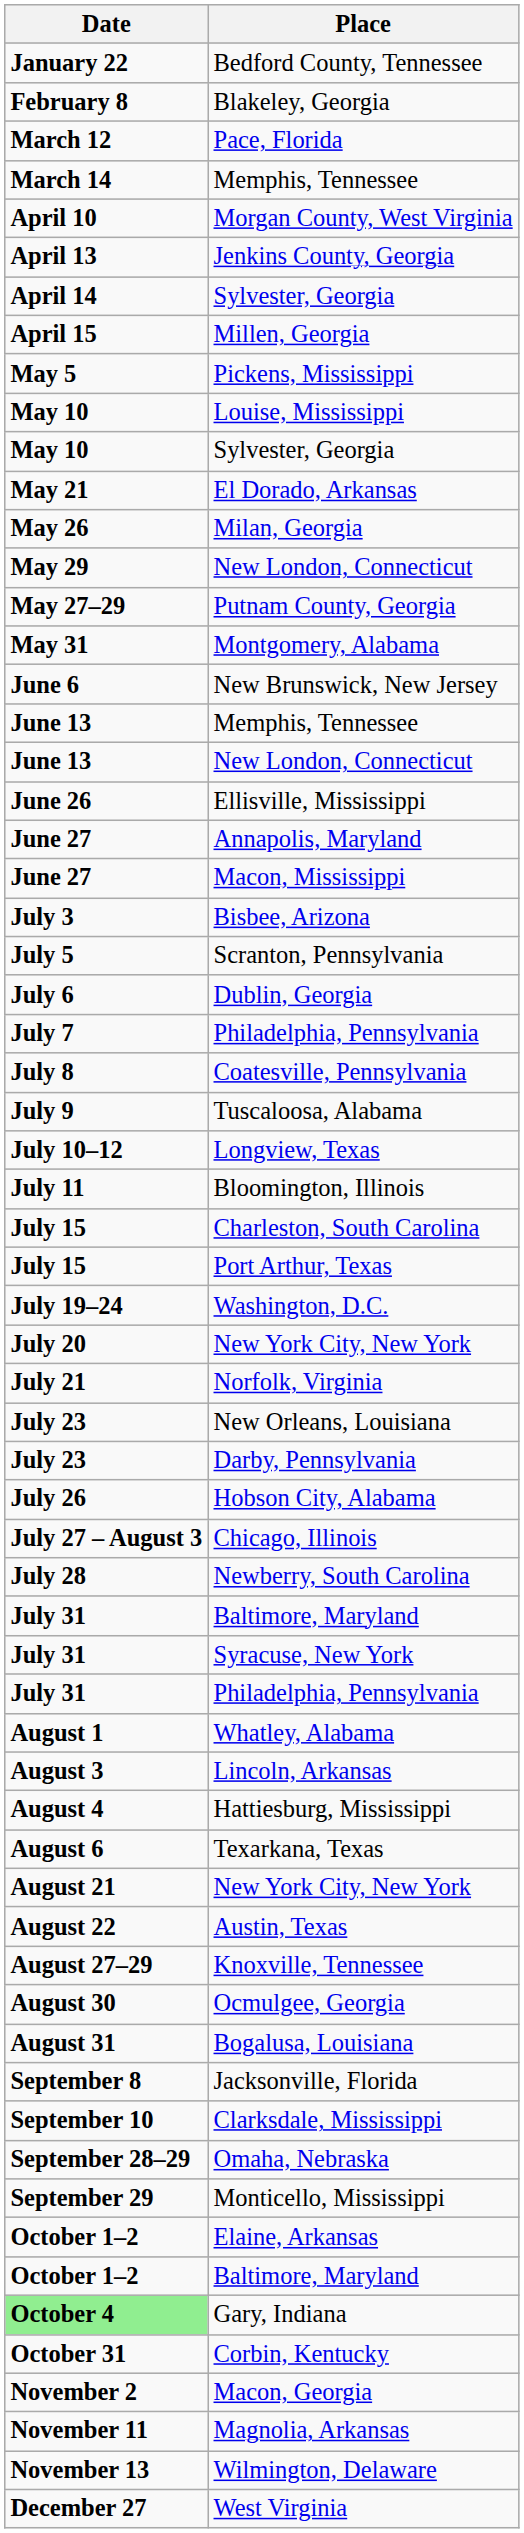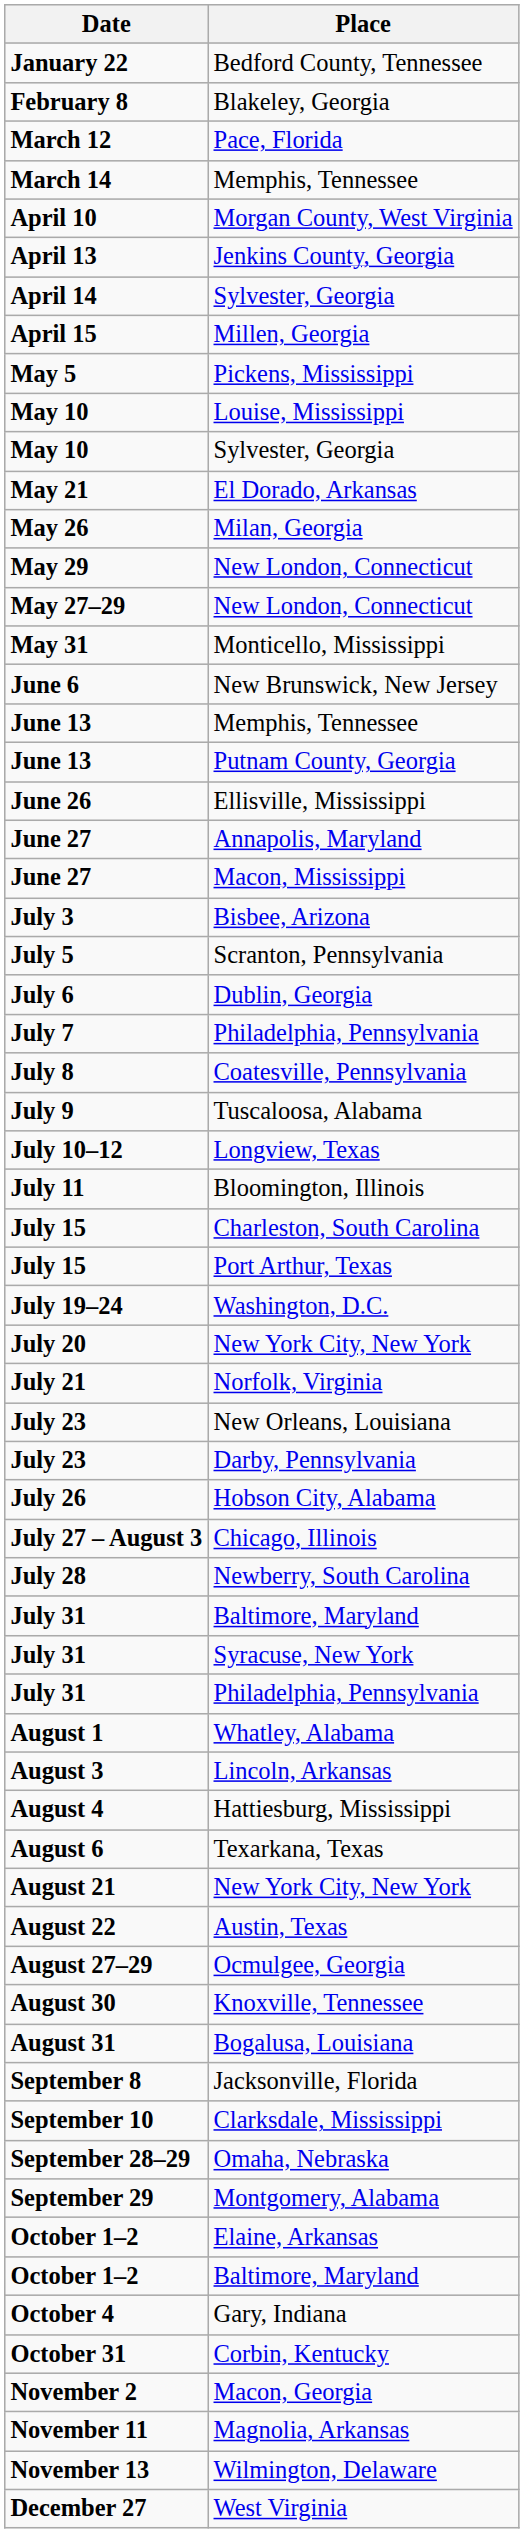 <table class="wikitable" style="margin-right:1em">
 <tr>
 <th>Date</th>
 <th>Place</th>
 </tr>
 <tr>
 <td><strong>January 22</strong></td>
 <td>Bedford County, Tennessee</td>
 </tr>
 <tr>
 <td><strong>February 8</strong></td>
 <td>Blakeley, Georgia</td>
 </tr>
 <tr>
 <td><strong>March 12</strong></td>
 <td><a href='#'>Pace, Florida</a></td>
 </tr>
 <tr>
 <td><strong>March 14</strong></td>
 <td>Memphis, Tennessee</td>
 </tr>
 <tr>
 <td><strong>April 10</strong></td>
 <td><a href='#'>Morgan County, West Virginia</a></td>
 </tr>
 <tr>
 <td><strong>April 13</strong></td>
 <td><a href='#'>Jenkins County, Georgia</a></td>
 </tr>
 <tr>
 <td><strong>April 14</strong></td>
 <td><a href='#'>Sylvester, Georgia</a></td>
 </tr>
 <tr>
 <td><strong>April 15</strong></td>
 <td><a href='#'>Millen, Georgia</a></td>
 </tr>
 <tr>
 <td><strong>May 5</strong></td>
 <td><a href='#'>Pickens, Mississippi</a></td>
 </tr>
 <tr>
 <td><strong>May 10 </strong></td>
 <td><a href='#'>Louise, Mississippi</a></td>
 </tr>
 <tr>
 <td><strong>May 10</strong></td>
 <td>Sylvester, Georgia</td>
 </tr>
 <tr>
 <td><strong>May 21</strong></td>
 <td><a href='#'>El Dorado, Arkansas</a></td>
 </tr>
 <tr>
 <td><strong>May 26</strong></td>
 <td><a href='#'>Milan, Georgia</a></td>
 </tr>
 <tr>
 <td><strong>May 29</strong></td>
 <td><a href='#'>New London, Connecticut</a></td>
 </tr>
 <tr>
 <td><strong>May 27–29</strong></td>
-<td><a href='#'>Putnam County, Georgia</a></td>
+<td><a href='#'>New London, Connecticut</a></td>
 </tr>
 <tr>
 <td><strong>May 31</strong></td>
-<td><a href='#'>Montgomery, Alabama</a></td>
+<td>Monticello, Mississippi</td>
 </tr>
 <tr>
 <td><strong>June 6</strong></td>
 <td>New Brunswick, New Jersey</td>
 </tr>
 <tr>
 <td><strong>June 13</strong></td>
 <td>Memphis, Tennessee</td>
 </tr>
 <tr>
 <td><strong>June 13</strong></td>
-<td><a href='#'>New London, Connecticut</a></td>
+<td><a href='#'>Putnam County, Georgia</a></td>
 </tr>
 <tr>
 <td><strong>June 26</strong></td>
 <td>Ellisville, Mississippi</td>
 </tr>
 <tr>
 <td><strong>June 27</strong></td>
 <td><a href='#'>Annapolis, Maryland</a></td>
 </tr>
 <tr>
 <td><strong>June 27</strong></td>
 <td><a href='#'>Macon, Mississippi</a></td>
 </tr>
 <tr>
 <td><strong>July 3</strong></td>
 <td><a href='#'>Bisbee, Arizona</a></td>
 </tr>
 <tr>
 <td><strong>July 5</strong></td>
 <td>Scranton, Pennsylvania</td>
 </tr>
 <tr>
 <td><strong>July 6</strong></td>
 <td><a href='#'>Dublin, Georgia</a></td>
 </tr>
 <tr>
 <td><strong>July 7</strong></td>
 <td><a href='#'>Philadelphia, Pennsylvania</a></td>
 </tr>
 <tr>
 <td><strong>July 8</strong></td>
 <td><a href='#'>Coatesville, Pennsylvania</a></td>
 </tr>
 <tr>
 <td><strong>July 9</strong></td>
 <td>Tuscaloosa, Alabama</td>
 </tr>
 <tr>
 <td><strong>July 10–12</strong></td>
 <td><a href='#'>Longview, Texas</a></td>
 </tr>
 <tr>
 <td><strong>July 11</strong></td>
 <td>Bloomington, Illinois</td>
 </tr>
 <tr>
 <td><strong>July 15</strong></td>
 <td><a href='#'>Charleston, South Carolina</a></td>
 </tr>
 <tr>
 <td><strong>July 15</strong></td>
 <td><a href='#'>Port Arthur, Texas</a></td>
 </tr>
 <tr>
 <td><strong>July 19–24</strong></td>
 <td><a href='#'>Washington, D.C.</a></td>
 </tr>
 <tr>
 <td><strong>July 20</strong></td>
 <td><a href='#'>New York City, New York</a></td>
 </tr>
 <tr>
 <td><strong>July 21</strong></td>
 <td><a href='#'>Norfolk, Virginia</a></td>
 </tr>
 <tr>
 <td><strong>July 23</strong></td>
 <td>New Orleans, Louisiana</td>
 </tr>
 <tr>
 <td><strong>July 23</strong></td>
 <td><a href='#'>Darby, Pennsylvania</a></td>
 </tr>
 <tr>
 <td><strong>July 26</strong></td>
 <td><a href='#'>Hobson City, Alabama</a></td>
 </tr>
 <tr>
 <td><strong>July 27 – August 3</strong></td>
 <td><a href='#'>Chicago, Illinois</a></td>
 </tr>
 <tr>
 <td><strong>July 28</strong></td>
 <td><a href='#'>Newberry, South Carolina</a></td>
 </tr>
 <tr>
 <td><strong>July 31</strong></td>
 <td><a href='#'>Baltimore, Maryland</a></td>
 </tr>
 <tr>
 <td><strong>July 31</strong></td>
 <td><a href='#'>Syracuse, New York</a></td>
 </tr>
 <tr>
 <td><strong>July 31</strong></td>
 <td><a href='#'>Philadelphia, Pennsylvania</a></td>
 </tr>
 <tr>
 <td><strong>August 1</strong></td>
 <td><a href='#'>Whatley, Alabama</a></td>
 </tr>
 <tr>
 <td><strong>August 3</strong></td>
 <td><a href='#'>Lincoln, Arkansas</a></td>
 </tr>
 <tr>
 <td><strong>August 4</strong></td>
 <td>Hattiesburg, Mississippi</td>
 </tr>
 <tr>
 <td><strong>August 6</strong></td>
 <td>Texarkana, Texas</td>
 </tr>
 <tr>
 <td><strong>August 21</strong></td>
 <td><a href='#'>New York City, New York</a></td>
 </tr>
 <tr>
 <td><strong>August 22</strong></td>
 <td><a href='#'>Austin, Texas</a></td>
 </tr>
 <tr>
 <td><strong>August 27–29</strong></td>
-<td><a href='#'>Knoxville, Tennessee</a></td>
+<td><a href='#'>Ocmulgee, Georgia</a></td>
 </tr>
 <tr>
 <td><strong>August 30</strong></td>
-<td><a href='#'>Ocmulgee, Georgia</a></td>
+<td><a href='#'>Knoxville, Tennessee</a></td>
 </tr>
 <tr>
 <td><strong>August 31</strong></td>
 <td><a href='#'>Bogalusa, Louisiana</a></td>
 </tr>
 <tr>
 <td><strong>September 8</strong></td>
 <td>Jacksonville, Florida</td>
 </tr>
 <tr>
 <td><strong>September 10</strong></td>
 <td><a href='#'>Clarksdale, Mississippi</a></td>
 </tr>
 <tr>
 <td><strong>September 28–29</strong></td>
 <td><a href='#'>Omaha, Nebraska</a></td>
 </tr>
 <tr>
 <td><strong>September 29</strong></td>
-<td>Monticello, Mississippi</td>
+<td><a href='#'>Montgomery, Alabama</a></td>
 </tr>
 <tr>
 <td><strong>October 1–2</strong></td>
 <td><a href='#'>Elaine, Arkansas</a></td>
 </tr>
 <tr>
 <td><strong>October 1–2</strong></td>
 <td><a href='#'>Baltimore, Maryland</a></td>
 </tr>
 <tr>
-<td style="background: lightgreen;"><strong>October 4</strong></td>
+<td><strong>October 4</strong></td>
 <td>Gary, Indiana</td>
 </tr>
 <tr>
 <td><strong>October 31</strong></td>
 <td><a href='#'>Corbin, Kentucky</a></td>
 </tr>
 <tr>
 <td><strong>November 2</strong></td>
 <td><a href='#'>Macon, Georgia</a></td>
 </tr>
 <tr>
 <td><strong>November 11</strong></td>
 <td><a href='#'>Magnolia, Arkansas</a></td>
 </tr>
 <tr>
 <td><strong>November 13</strong></td>
 <td><a href='#'>Wilmington, Delaware</a></td>
 </tr>
 <tr>
 <td><strong>December 27</strong></td>
 <td><a href='#'>West Virginia</a></td>
 </tr>
 </table>
